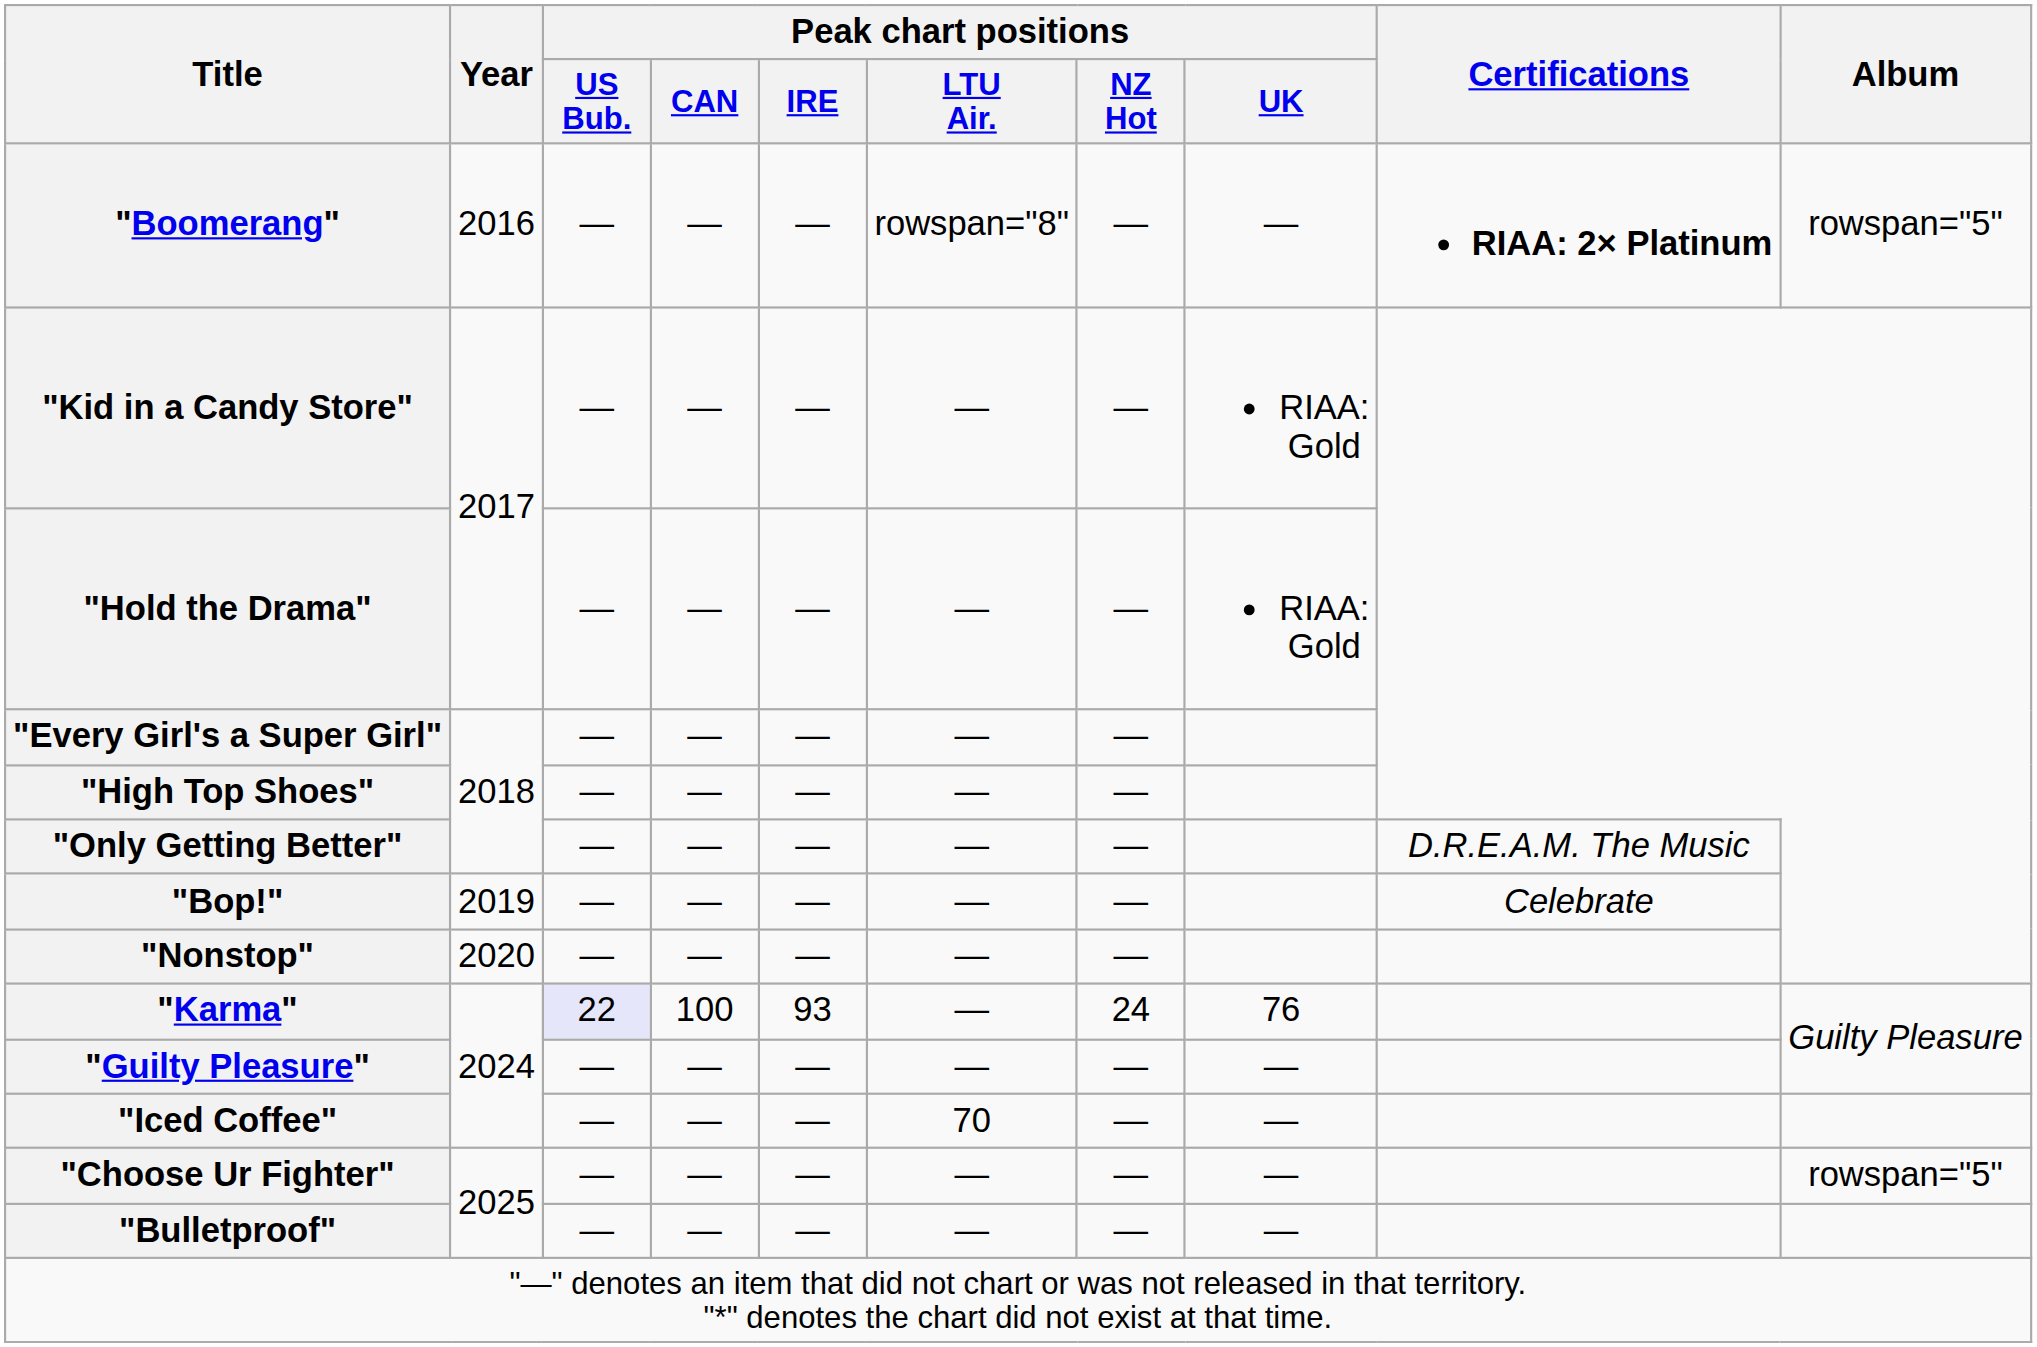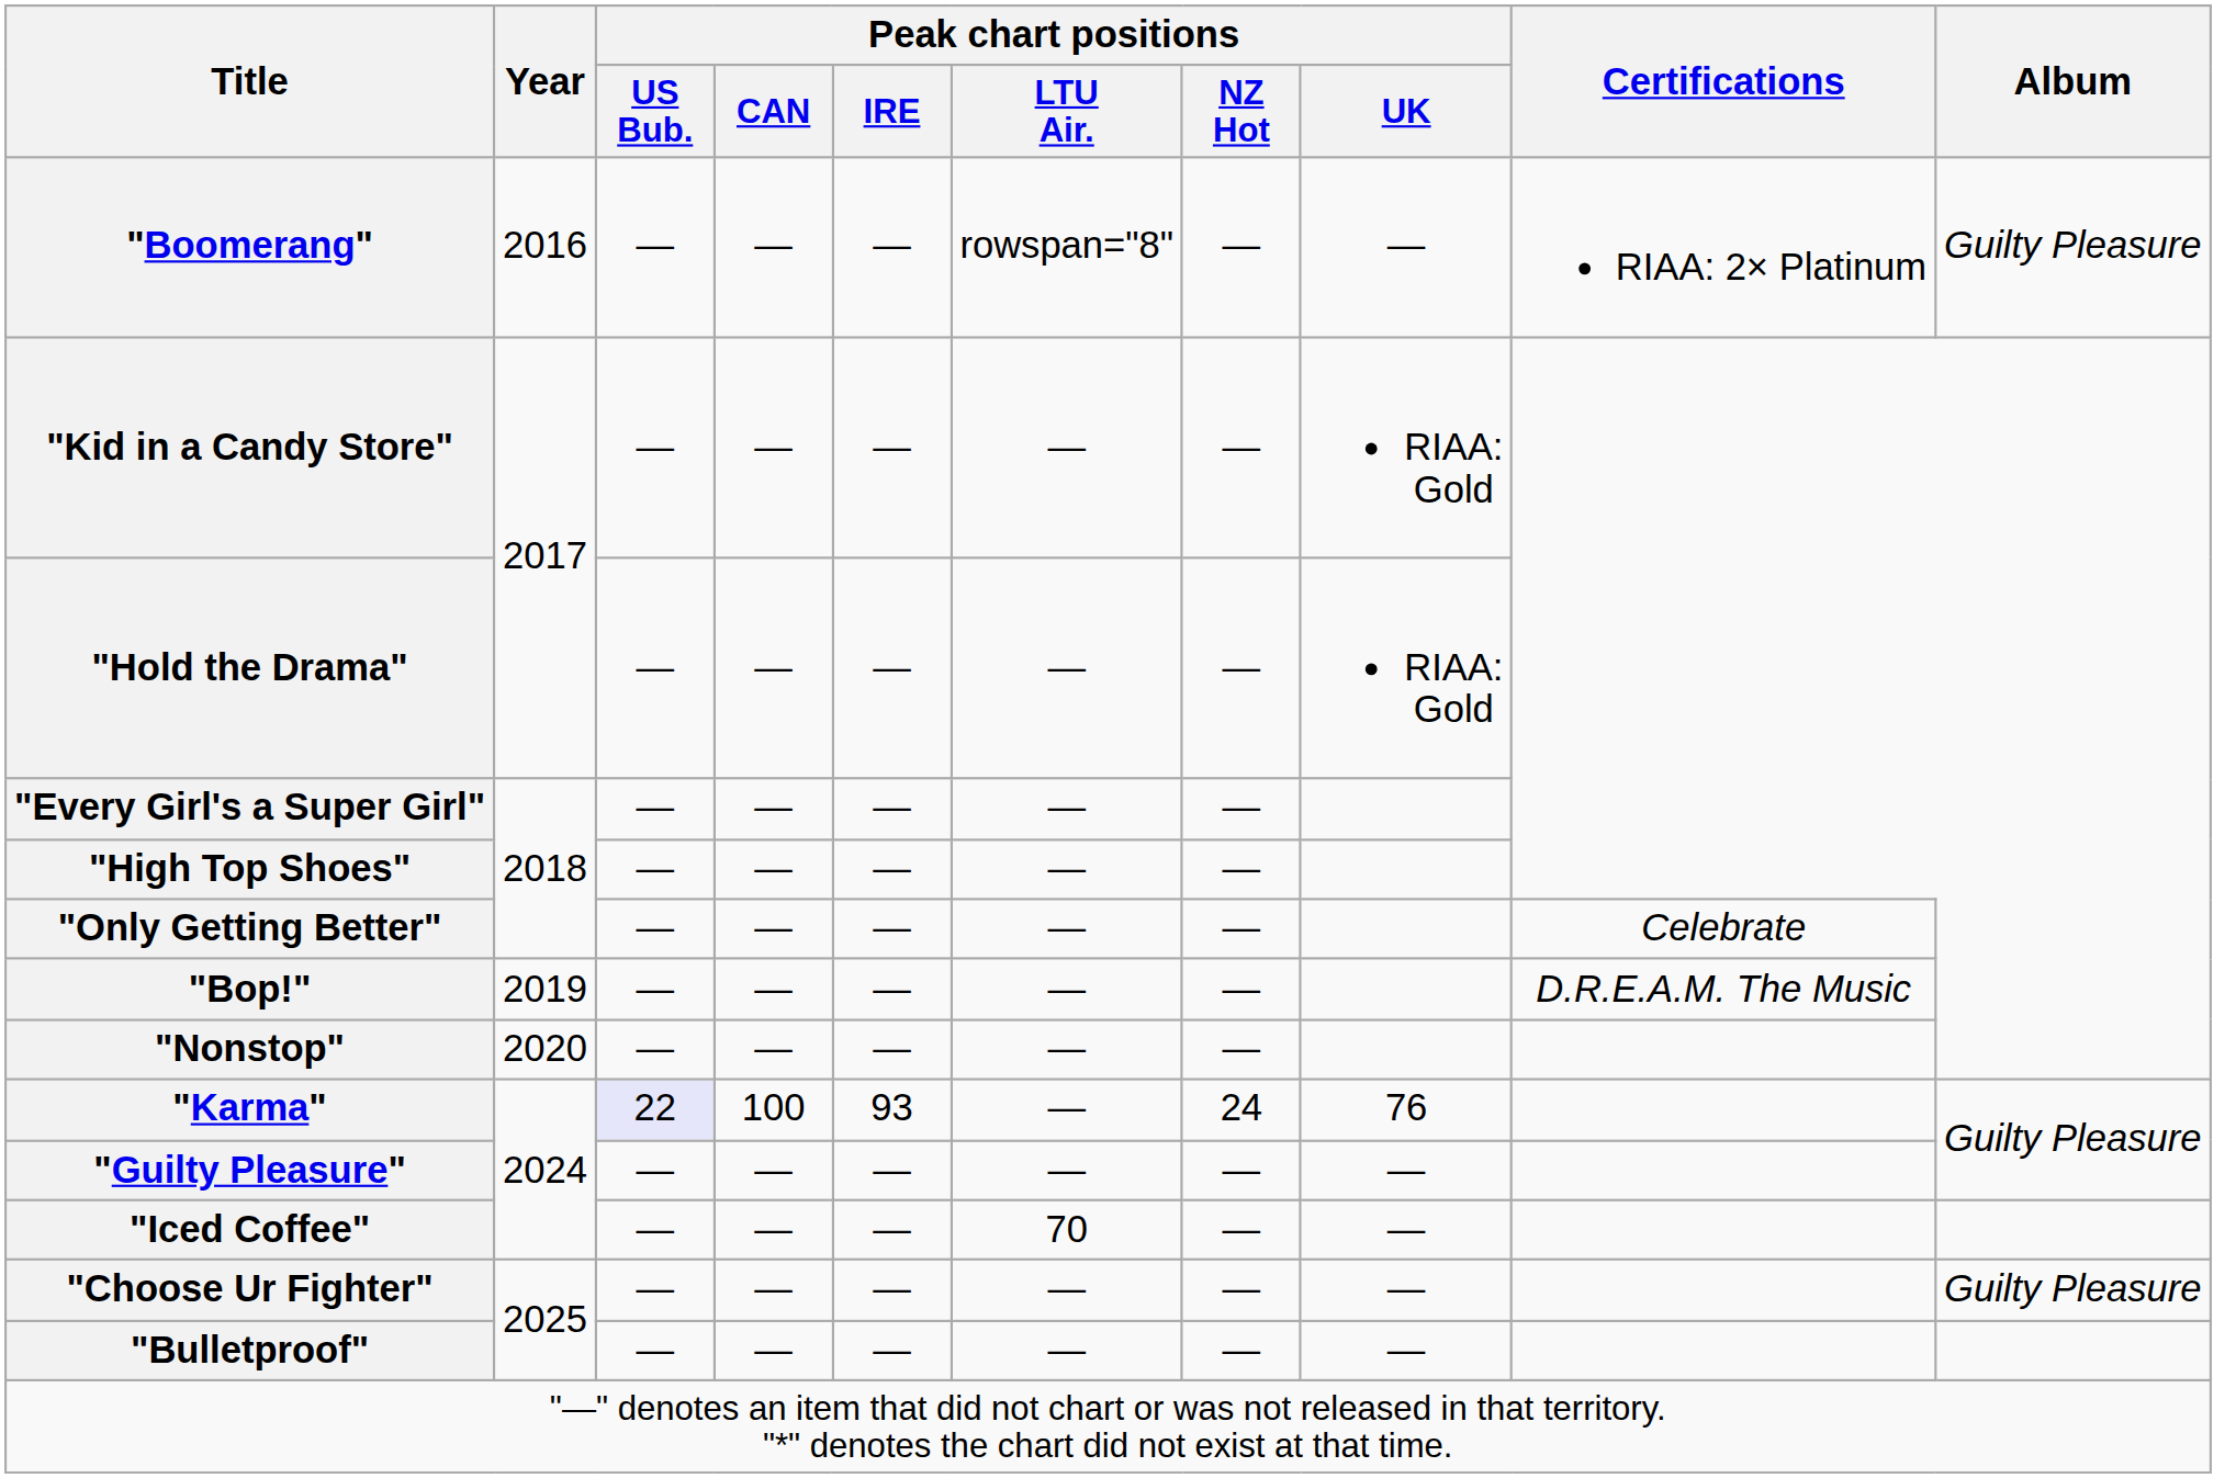 <table class="wikitable plainrowheaders" style="text-align:center;">
 <tr>
 <th scope="col" rowspan="2">Title</th>
 <th scope="col" rowspan="2">Year</th>
 <th scope="col" colspan="6">Peak chart positions</th>
 <th scope="col" rowspan="2"><a href='#'>Certifications</a></th>
 <th scope="col" rowspan="2">Album</th>
 </tr>
 <tr>
 <th scope="col" style="width:3em;font-size:90%;"><a href='#'>US<br>Bub.</a><br></th>
 <th scope="col" style="width:3em;font-size:90%;"><a href='#'>CAN</a><br></th>
 <th scope="col" style="width:3em;font-size:90%;"><a href='#'>IRE</a><br></th>
 <th scope="col" style="width:3em;font-size:90%;"><a href='#'>LTU<br>Air.</a><br></th>
 <th scope="col" style="width:3em;font-size:90%;"><a href='#'>NZ<br>Hot</a><br></th>
 <th scope="col" style="width:3em;font-size:90%;"><a href='#'>UK</a><br></th>
 </tr>
 <tr>
 <th scope="row">"<a href='#'>Boomerang</a>"</th>
 <td>2016</td>
 <td>—</td>
 <td>—</td>
 <td>—</td>
 <td>rowspan="8" </td>
 <td>—</td>
 <td>—</td>
-<td><strong><br><ul><li>RIAA: 2× Platinum</li></ul></strong></td>
-<td>rowspan="5" </td>
+<td><br><ul><li>RIAA: 2× Platinum</li></ul></td>
+<td><em>Guilty Pleasure</em></td>
 </tr>
 <tr>
 <th scope="row">"Kid in a Candy Store"</th>
 <td rowspan="2">2017</td>
 <td>—</td>
 <td>—</td>
 <td>—</td>
 <td>—</td>
 <td>—</td>
 <td><br><ul><li>RIAA: Gold</li></ul></td>
 </tr>
 <tr>
 <th scope="row">"Hold the Drama"</th>
 <td>—</td>
 <td>—</td>
 <td>—</td>
 <td>—</td>
 <td>—</td>
 <td><br><ul><li>RIAA: Gold</li></ul></td>
 </tr>
 <tr>
 <th scope="row">"Every Girl's a Super Girl"</th>
 <td rowspan="3">2018</td>
 <td>—</td>
 <td>—</td>
 <td>—</td>
 <td>—</td>
 <td>—</td>
 <td></td>
 </tr>
 <tr>
 <th scope="row">"High Top Shoes"</th>
 <td>—</td>
 <td>—</td>
 <td>—</td>
 <td>—</td>
 <td>—</td>
 <td></td>
 </tr>
 <tr>
 <th scope="row">"Only Getting Better"</th>
 <td>—</td>
 <td>—</td>
 <td>—</td>
 <td>—</td>
 <td>—</td>
 <td></td>
-<td><em>D.R.E.A.M. The Music</em></td>
+<td><em>Celebrate</em></td>
 </tr>
 <tr>
 <th scope="row">"Bop!"</th>
 <td>2019</td>
 <td>—</td>
 <td>—</td>
 <td>—</td>
 <td>—</td>
 <td>—</td>
 <td></td>
-<td><em>Celebrate</em></td>
+<td><em>D.R.E.A.M. The Music</em></td>
 </tr>
 <tr>
 <th scope="row">"Nonstop"</th>
 <td>2020</td>
 <td>—</td>
 <td>—</td>
 <td>—</td>
 <td>—</td>
 <td>—</td>
 <td></td>
 <td></td>
 </tr>
 <tr>
 <th scope="row">"<a href='#'>Karma</a>"</th>
 <td rowspan="3">2024</td>
 <td style="background: lavender;">22</td>
 <td>100</td>
 <td>93</td>
 <td>—</td>
 <td>24</td>
 <td>76</td>
 <td></td>
 <td rowspan="2"><em>Guilty Pleasure</em></td>
 </tr>
 <tr>
 <th scope="row">"<a href='#'>Guilty Pleasure</a>"</th>
 <td>—</td>
 <td>—</td>
 <td>—</td>
 <td>—</td>
 <td>—</td>
 <td>—</td>
 <td></td>
 </tr>
 <tr>
 <th scope="row">"Iced Coffee"</th>
 <td>—</td>
 <td>—</td>
 <td>—</td>
 <td>70</td>
 <td>—</td>
 <td>—</td>
 <td></td>
 <td></td>
 </tr>
 <tr>
 <th scope="row">"Choose Ur Fighter"</th>
 <td rowspan="2">2025</td>
 <td>—</td>
 <td>—</td>
 <td>—</td>
 <td>—</td>
 <td>—</td>
 <td>—</td>
 <td></td>
-<td>rowspan="5" </td>
+<td><em>Guilty Pleasure</em></td>
 </tr>
 <tr>
 <th scope="row">"Bulletproof"</th>
 <td>—</td>
 <td>—</td>
 <td>—</td>
 <td>—</td>
 <td>—</td>
 <td>—</td>
 <td></td>
 <td></td>
 </tr>
 <tr>
 <td colspan="10" style="font-size:90%;">"—" denotes an item that did not chart or was not released in that territory.<br>"*" denotes the chart did not exist at that time.</td>
 </tr>
 </table>
